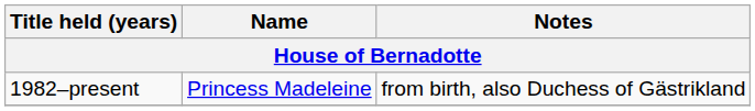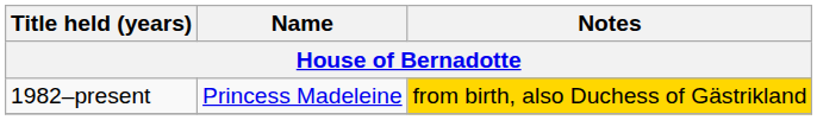 <table class="wikitable">
 <tr>
 <th><strong>Title held (years)</strong></th>
 <th><strong>Name</strong></th>
 <th><strong>Notes</strong></th>
 </tr>
 <tr>
 <th colspan=3><a href='#'>House of Bernadotte</a></th>
 </tr>
 <tr>
 <td>1982–present</td>
 <td><a href='#'>Princess Madeleine</a></td>
-<td>from birth, also Duchess of Gästrikland</td>
+<td style="background: gold;">from birth, also Duchess of Gästrikland</td>
 </tr>
 <tr>
 </tr>
 </table>
